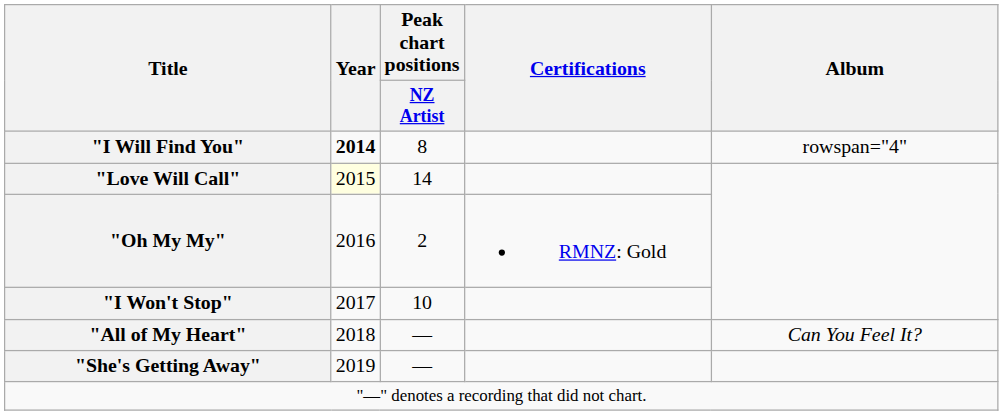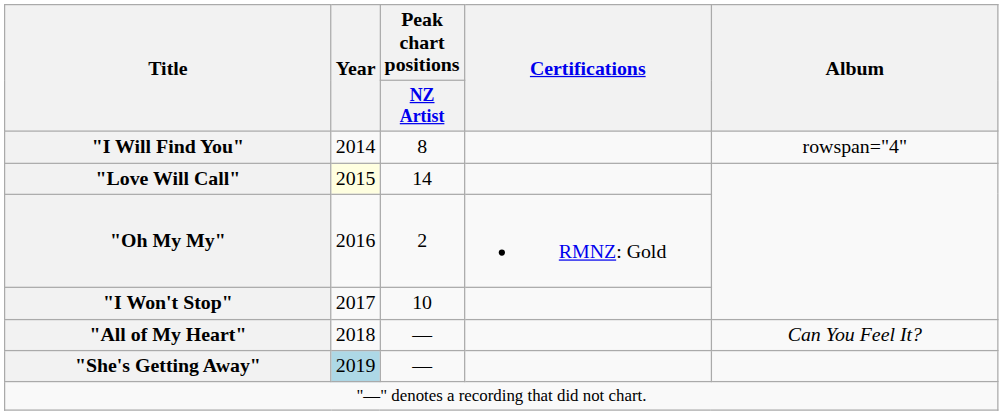 <table class="wikitable plainrowheaders" style="text-align:center;">
 <tr>
 <th scope="col" rowspan="2" style="width:16em;">Title</th>
 <th scope="col" rowspan="2" style="width:1em;">Year</th>
 <th scope="col" colspan="1">Peak chart positions</th>
 <th scope="col" rowspan="2" style="width:12em;"><a href='#'>Certifications</a></th>
 <th scope="col" rowspan="2" style="width:14em;">Album</th>
 </tr>
 <tr>
 <th scope="col" style="width:3em;font-size:90%;"><a href='#'>NZ<br>Artist</a><br></th>
 </tr>
 <tr>
 <th scope="row">"I Will Find You"<br></th>
-<td><strong>2014</strong></td>
+<td>2014</td>
 <td>8</td>
 <td></td>
 <td>rowspan="4" </td>
 </tr>
 <tr>
 <th scope="row">"Love Will Call"</th>
 <td style="background: lightyellow;">2015</td>
 <td>14</td>
 <td></td>
 </tr>
 <tr>
 <th scope="row">"Oh My My"</th>
 <td>2016</td>
 <td>2</td>
 <td><br><ul><li><a href='#'>RMNZ</a>: Gold</li></ul></td>
 </tr>
 <tr>
 <th scope="row">"I Won't Stop"</th>
 <td>2017</td>
 <td>10</td>
 <td></td>
 </tr>
 <tr>
 <th scope="row">"All of My Heart"</th>
 <td>2018</td>
 <td>—</td>
 <td></td>
 <td><em>Can You Feel It?</em></td>
 </tr>
 <tr>
 <th scope="row">"She's Getting Away"</th>
-<td>2019</td>
+<td style="background: lightblue;">2019</td>
 <td>—</td>
 <td></td>
 <td></td>
 </tr>
 <tr>
 <td colspan="8" style="font-size:85%;">"—" denotes a recording that did not chart.</td>
 </tr>
 </table>
